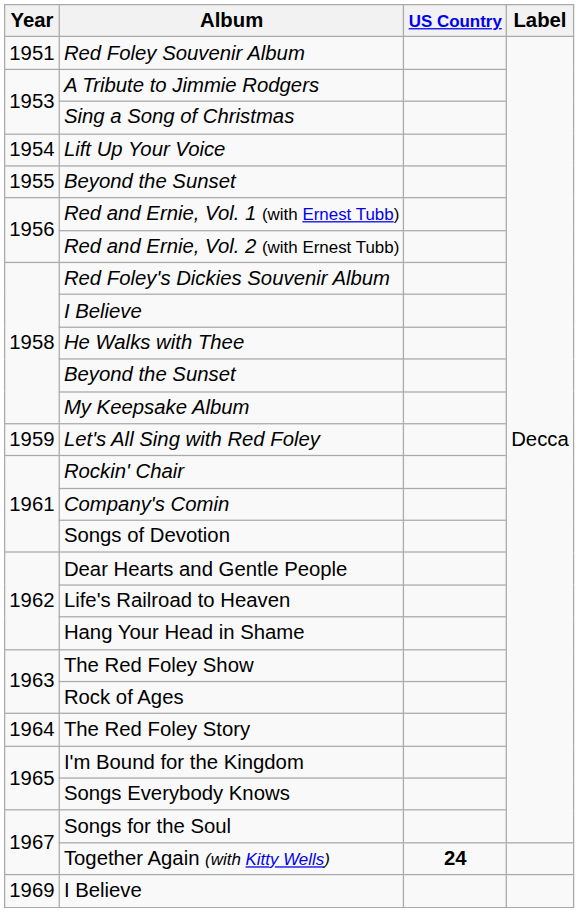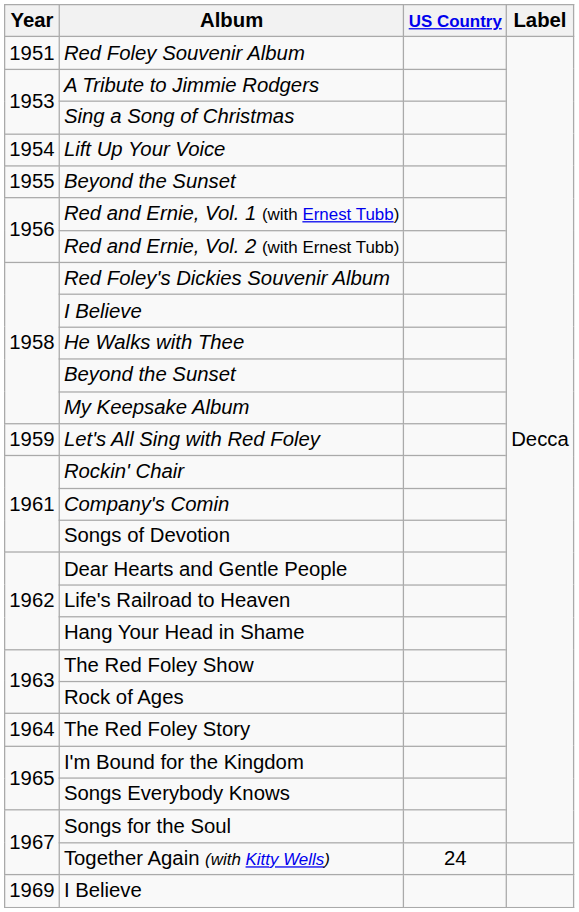 <table class="wikitable">
 <tr>
 <th>Year</th>
 <th>Album</th>
 <th><small><a href='#'>US Country</a></small></th>
 <th>Label</th>
 </tr>
 <tr>
 <td>1951</td>
 <td><em>Red Foley Souvenir Album</em></td>
 <td></td>
 <td rowspan="25">Decca</td>
 </tr>
 <tr>
 <td rowspan="2">1953</td>
 <td><em>A Tribute to Jimmie Rodgers</em></td>
 <td></td>
 </tr>
 <tr>
 <td><em>Sing a Song of Christmas</em></td>
 <td></td>
 </tr>
 <tr>
 <td>1954</td>
 <td><em>Lift Up Your Voice</em></td>
 <td></td>
 </tr>
 <tr>
 <td>1955</td>
 <td><em>Beyond the Sunset</em></td>
 <td></td>
 </tr>
 <tr>
 <td rowspan="2">1956</td>
 <td><em>Red and Ernie, Vol. 1</em> <small>(with <a href='#'>Ernest Tubb</a>)</small></td>
 <td></td>
 </tr>
 <tr>
 <td><em>Red and Ernie, Vol. 2</em> <small>(with Ernest Tubb)</small></td>
 <td></td>
 </tr>
 <tr>
 <td rowspan="5">1958</td>
 <td><em>Red Foley's Dickies Souvenir Album</em></td>
 <td></td>
 </tr>
 <tr>
 <td><em>I Believe</em></td>
 <td></td>
 </tr>
 <tr>
 <td><em>He Walks with Thee</em></td>
 <td></td>
 </tr>
 <tr>
 <td><em>Beyond the Sunset</em></td>
 <td></td>
 </tr>
 <tr>
 <td><em>My Keepsake Album</em></td>
 <td></td>
 </tr>
 <tr>
 <td>1959</td>
 <td><em>Let's All Sing with Red Foley</em></td>
 <td></td>
 </tr>
 <tr>
 <td rowspan="3">1961</td>
 <td><em>Rockin' Chair</em></td>
 <td></td>
 </tr>
 <tr>
 <td><em>Company's Comin<strong></td>
 <td></td>
 </tr>
 <tr>
 <td></em>Songs of Devotion<em></td>
 <td></td>
 </tr>
 <tr>
 <td rowspan="3">1962</td>
 <td></em>Dear Hearts and Gentle People<em></td>
 <td></td>
 </tr>
 <tr>
 <td></em>Life's Railroad to Heaven<em></td>
 <td></td>
 </tr>
 <tr>
 <td></em>Hang Your Head in Shame<em></td>
 <td></td>
 </tr>
 <tr>
 <td rowspan="2">1963</td>
 <td></em>The Red Foley Show<em></td>
 <td></td>
 </tr>
 <tr>
 <td></em>Rock of Ages<em></td>
 <td></td>
 </tr>
 <tr>
 <td>1964</td>
 <td></em>The Red Foley Story<em></td>
 <td></td>
 </tr>
 <tr>
 <td rowspan="2">1965</td>
 <td></em>I'm Bound for the Kingdom<em></td>
 <td></td>
 </tr>
 <tr>
 <td></em>Songs Everybody Knows<em></td>
 <td></td>
 </tr>
 <tr>
 <td rowspan="2">1967</td>
 <td></em>Songs for the Soul<em></td>
 <td></td>
 </tr>
 <tr>
 <td></em>Together Again<em> <small>(with <a href='#'>Kitty Wells</a>)</small></td>
-<td style="text-align:center;"><strong>24</strong></td>
+<td style="text-align:center;">24</td>
 <td></td>
 </tr>
 <tr>
 <td>1969</td>
 <td></em>I Believe<em></td>
 <td></td>
 </tr>
 </table>
